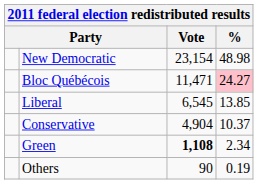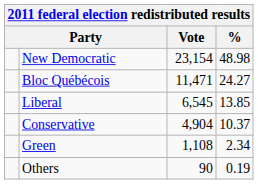 <table class="wikitable">
 <tr>
 <th colspan="4"><a href='#'>2011 federal election</a> redistributed results</th>
 </tr>
 <tr>
 <th bgcolor="#DDDDFF" width="130px" colspan="2">Party</th>
 <th bgcolor="#DDDDFF" width="50px">Vote</th>
 <th bgcolor="#DDDDFF" width="30px">%</th>
 </tr>
 <tr>
 <td> </td>
 <td><a href='#'>New Democratic</a></td>
 <td align=right>23,154</td>
 <td align=right>48.98</td>
 </tr>
 <tr>
 <td> </td>
 <td><a href='#'>Bloc Québécois</a></td>
 <td align=right>11,471</td>
-<td align=right style="background: pink;">24.27</td>
+<td align=right>24.27</td>
 </tr>
 <tr>
 <td> </td>
 <td><a href='#'>Liberal</a></td>
 <td align=right>6,545</td>
 <td align=right>13.85</td>
 </tr>
 <tr>
 <td> </td>
 <td><a href='#'>Conservative</a></td>
 <td align=right>4,904</td>
 <td align=right>10.37</td>
 </tr>
 <tr>
 <td> </td>
 <td><a href='#'>Green</a></td>
-<td align=right><strong>1,108</strong></td>
+<td align=right>1,108</td>
 <td align=right>2.34</td>
 </tr>
 <tr>
 <td> </td>
 <td>Others</td>
 <td align=right>90</td>
 <td align=right>0.19</td>
 </tr>
 </table>
